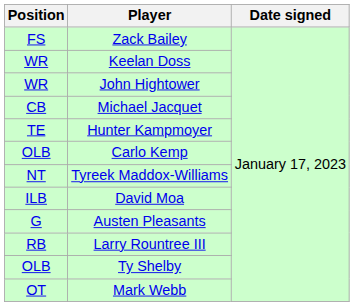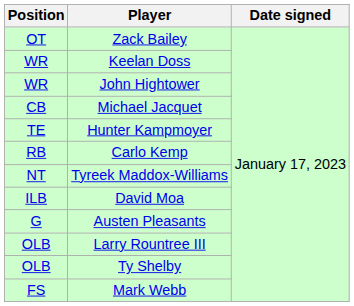 <table class="wikitable" style="text-align:center">
 <tr>
 <th>Position</th>
 <th>Player</th>
 <th>Date signed</th>
 </tr>
 <tr style="background:#cfc">
-<td><a href='#'>FS</a></td>
+<td><a href='#'>OT</a></td>
 <td><a href='#'>Zack Bailey</a></td>
 <td rowspan=12>January 17, 2023</td>
 </tr>
 <tr style="background:#cfc">
 <td><a href='#'>WR</a></td>
 <td><a href='#'>Keelan Doss</a></td>
 </tr>
 <tr style="background:#cfc">
 <td><a href='#'>WR</a></td>
 <td><a href='#'>John Hightower</a></td>
 </tr>
 <tr style="background:#cfc">
 <td><a href='#'>CB</a></td>
 <td><a href='#'>Michael Jacquet</a></td>
 </tr>
 <tr style="background:#cfc">
 <td><a href='#'>TE</a></td>
 <td><a href='#'>Hunter Kampmoyer</a></td>
 </tr>
 <tr style="background:#cfc">
-<td><a href='#'>OLB</a></td>
+<td><a href='#'>RB</a></td>
 <td><a href='#'>Carlo Kemp</a></td>
 </tr>
 <tr style="background:#cfc">
 <td><a href='#'>NT</a></td>
 <td><a href='#'>Tyreek Maddox-Williams</a></td>
 </tr>
 <tr style="background:#cfc">
 <td><a href='#'>ILB</a></td>
 <td><a href='#'>David Moa</a></td>
 </tr>
 <tr style="background:#cfc">
 <td><a href='#'>G</a></td>
 <td><a href='#'>Austen Pleasants</a></td>
 </tr>
 <tr style="background:#cfc">
-<td><a href='#'>RB</a></td>
+<td><a href='#'>OLB</a></td>
 <td><a href='#'>Larry Rountree III</a></td>
 </tr>
 <tr style="background:#cfc">
 <td><a href='#'>OLB</a></td>
 <td><a href='#'>Ty Shelby</a></td>
 </tr>
 <tr style="background:#cfc">
-<td><a href='#'>OT</a></td>
+<td><a href='#'>FS</a></td>
 <td><a href='#'>Mark Webb</a></td>
 </tr>
 </table>
